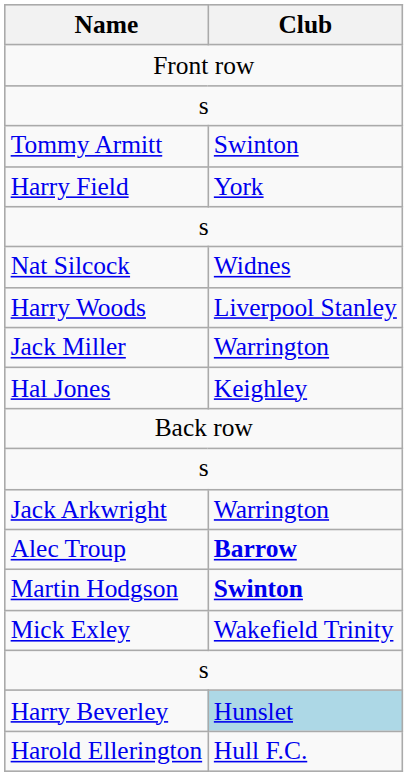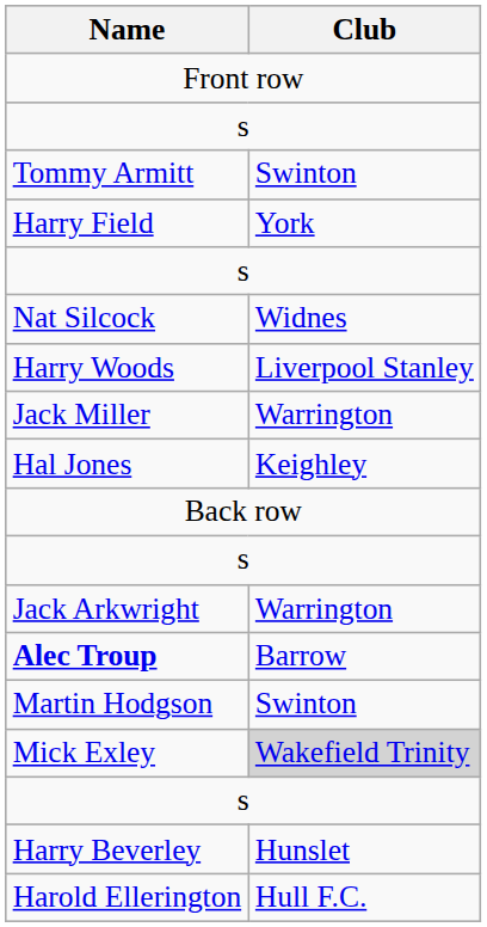 <table class="wikitable">
 <tr>
 <th>Name</th>
 <th>Club</th>
 </tr>
 <tr>
 <td colspan="3" style="text-align: center;">Front row</td>
 </tr>
 <tr>
 <td colspan="3" style="text-align: center;">s</td>
 </tr>
 <tr>
 <td><a href='#'>Tommy Armitt</a></td>
 <td><a href='#'>Swinton</a></td>
 </tr>
 <tr>
 <td><a href='#'>Harry Field</a></td>
 <td><a href='#'>York</a></td>
 </tr>
 <tr>
 <td colspan="3" style="text-align: center;">s</td>
 </tr>
 <tr>
 <td><a href='#'>Nat Silcock</a></td>
 <td><a href='#'>Widnes</a></td>
 </tr>
 <tr>
 <td><a href='#'>Harry Woods</a></td>
 <td><a href='#'>Liverpool Stanley</a></td>
 </tr>
 <tr>
 <td><a href='#'>Jack Miller</a></td>
 <td><a href='#'>Warrington</a></td>
 </tr>
 <tr>
 <td><a href='#'>Hal Jones</a></td>
 <td><a href='#'>Keighley</a></td>
 </tr>
 <tr>
 <td colspan="3" style="text-align: center;">Back row</td>
 </tr>
 <tr>
 <td colspan="3" style="text-align: center;">s</td>
 </tr>
 <tr>
 <td><a href='#'>Jack Arkwright</a></td>
 <td><a href='#'>Warrington</a></td>
 </tr>
 <tr>
-<td><a href='#'>Alec Troup</a></td>
-<td><strong><a href='#'>Barrow</a></strong></td>
+<td><strong><a href='#'>Alec Troup</a></strong></td>
+<td><a href='#'>Barrow</a></td>
 </tr>
 <tr>
 <td><a href='#'>Martin Hodgson</a></td>
-<td><strong><a href='#'>Swinton</a></strong></td>
+<td><a href='#'>Swinton</a></td>
 </tr>
 <tr>
 <td><a href='#'>Mick Exley</a></td>
-<td><a href='#'>Wakefield Trinity</a></td>
+<td style="background: lightgrey;"><a href='#'>Wakefield Trinity</a></td>
 </tr>
 <tr>
 <td colspan="3" style="text-align: center;">s</td>
 </tr>
 <tr>
 <td><a href='#'>Harry Beverley</a></td>
-<td style="background: lightblue;"><a href='#'>Hunslet</a></td>
+<td><a href='#'>Hunslet</a></td>
 </tr>
 <tr>
 <td><a href='#'>Harold Ellerington</a></td>
 <td><a href='#'>Hull F.C.</a></td>
 </tr>
 </table>
